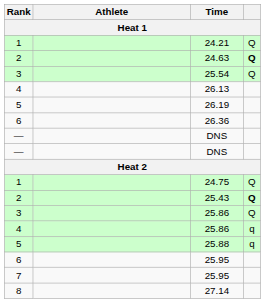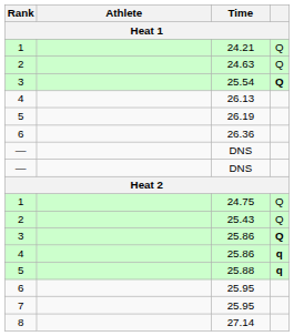 <table class=wikitable style="text-align:center">
 <tr>
 <th width=40>Rank</th>
 <th width=250>Athlete</th>
 <th width=80>Time</th>
 <th width=20></th>
 </tr>
 <tr>
 <th colspan=4>Heat 1</th>
 </tr>
 <tr bgcolor="ccffcc">
 <td>1</td>
 <td align=left></td>
 <td>24.21</td>
 <td>Q</td>
 </tr>
 <tr bgcolor="ccffcc">
 <td>2</td>
 <td align=left></td>
 <td>24.63</td>
-<td><strong>Q</strong></td>
+<td>Q</td>
 </tr>
 <tr bgcolor="ccffcc">
 <td>3</td>
 <td align=left></td>
 <td>25.54</td>
-<td>Q</td>
+<td><strong>Q</strong></td>
 </tr>
 <tr>
 <td>4</td>
 <td align=left></td>
 <td>26.13</td>
 <td></td>
 </tr>
 <tr>
 <td>5</td>
 <td align=left></td>
 <td>26.19</td>
 <td></td>
 </tr>
 <tr>
 <td>6</td>
 <td align=left></td>
 <td>26.36</td>
 <td></td>
 </tr>
 <tr>
 <td>—</td>
 <td align=left></td>
 <td>DNS</td>
 <td></td>
 </tr>
 <tr>
 <td>—</td>
 <td align=left></td>
 <td>DNS</td>
 <td></td>
 </tr>
 <tr>
 <th colspan=4>Heat 2</th>
 </tr>
 <tr bgcolor="ccffcc">
 <td>1</td>
 <td align=left></td>
 <td>24.75</td>
 <td>Q</td>
 </tr>
 <tr bgcolor="ccffcc">
 <td>2</td>
 <td align=left></td>
 <td>25.43</td>
-<td><strong>Q</strong></td>
+<td>Q</td>
 </tr>
 <tr bgcolor="ccffcc">
 <td>3</td>
 <td align=left></td>
 <td>25.86</td>
-<td>Q</td>
+<td><strong>Q</strong></td>
 </tr>
 <tr bgcolor="ccffcc">
 <td>4</td>
 <td align=left></td>
 <td>25.86</td>
-<td>q</td>
+<td><strong>q</strong></td>
 </tr>
 <tr bgcolor="ccffcc">
 <td>5</td>
 <td align=left></td>
 <td>25.88</td>
-<td>q</td>
+<td><strong>q</strong></td>
 </tr>
 <tr>
 <td>6</td>
 <td align=left></td>
 <td>25.95</td>
 <td></td>
 </tr>
 <tr>
 <td>7</td>
 <td align=left></td>
 <td>25.95</td>
 <td></td>
 </tr>
 <tr>
 <td>8</td>
 <td align=left></td>
 <td>27.14</td>
 <td></td>
 </tr>
 </table>
